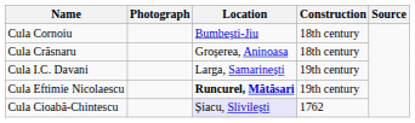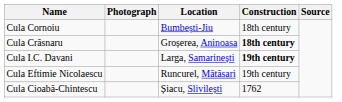 <table class="wikitable sortable">
 <tr>
 <th><strong>Name</strong></th>
 <th><strong>Photograph</strong></th>
 <th><strong>Location</strong></th>
 <th><strong>Construction</strong></th>
 <th><strong>Source</strong></th>
 </tr>
 <tr>
 <td>Cula Cornoiu</td>
 <td></td>
 <td><a href='#'>Bumbești-Jiu</a></td>
 <td>18th century</td>
 <td rowspan="5"></td>
 </tr>
 <tr>
 <td>Cula Crăsnaru</td>
 <td></td>
 <td>Groșerea, <a href='#'>Aninoasa</a></td>
-<td>18th century</td>
+<td><strong>18th century</strong></td>
 </tr>
 <tr>
 <td>Cula I.C. Davani</td>
 <td></td>
 <td>Larga, <a href='#'>Samarinești</a></td>
-<td>19th century</td>
+<td><strong>19th century</strong></td>
 </tr>
 <tr>
 <td>Cula Eftimie Nicolaescu</td>
 <td></td>
-<td><strong>Runcurel, <a href='#'>Mătăsari</a></strong></td>
+<td>Runcurel, <a href='#'>Mătăsari</a></td>
 <td>19th century</td>
 </tr>
 <tr>
 <td>Cula Cioabă-Chintescu</td>
 <td></td>
-<td style="background: lavender;">Șiacu, <a href='#'>Slivilești</a></td>
+<td>Șiacu, <a href='#'>Slivilești</a></td>
 <td>1762</td>
 </tr>
 </table>
